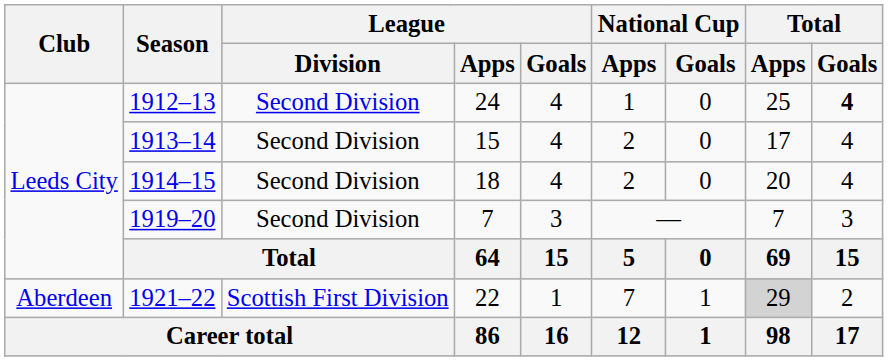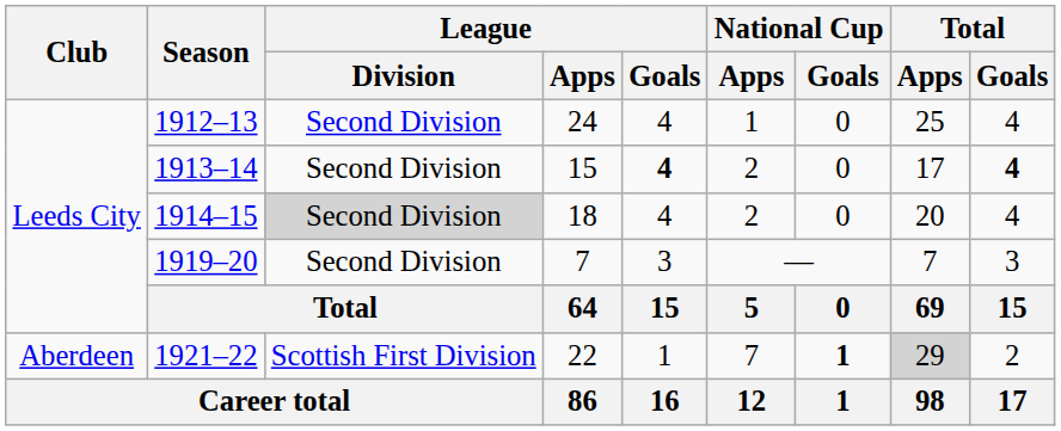 <table class="wikitable" style="text-align: center;">
 <tr>
 <th rowspan="2">Club</th>
 <th rowspan="2">Season</th>
 <th colspan="3">League</th>
 <th colspan="2">National Cup</th>
 <th colspan="2">Total</th>
 </tr>
 <tr>
 <th>Division</th>
 <th>Apps</th>
 <th>Goals</th>
 <th>Apps</th>
 <th>Goals</th>
 <th>Apps</th>
 <th>Goals</th>
 </tr>
 <tr>
 <td rowspan="5"><a href='#'>Leeds City</a></td>
 <td><a href='#'>1912–13</a></td>
 <td><a href='#'>Second Division</a></td>
 <td>24</td>
 <td>4</td>
 <td>1</td>
 <td>0</td>
 <td>25</td>
-<td><strong>4</strong></td>
+<td>4</td>
 </tr>
 <tr>
 <td><a href='#'>1913–14</a></td>
 <td>Second Division</td>
 <td>15</td>
-<td>4</td>
+<td><strong>4</strong></td>
 <td>2</td>
 <td>0</td>
 <td>17</td>
-<td>4</td>
+<td><strong>4</strong></td>
 </tr>
 <tr>
 <td><a href='#'>1914–15</a></td>
-<td>Second Division</td>
+<td style="background: lightgrey;">Second Division</td>
 <td>18</td>
 <td>4</td>
 <td>2</td>
 <td>0</td>
 <td>20</td>
 <td>4</td>
 </tr>
 <tr>
 <td><a href='#'>1919–20</a></td>
 <td>Second Division</td>
 <td>7</td>
 <td>3</td>
 <td colspan="2">—</td>
 <td>7</td>
 <td>3</td>
 </tr>
 <tr>
 <th colspan="2">Total</th>
 <th>64</th>
 <th>15</th>
 <th>5</th>
 <th>0</th>
 <th>69</th>
 <th>15</th>
 </tr>
 <tr>
 <td><a href='#'>Aberdeen</a></td>
 <td><a href='#'>1921–22</a></td>
 <td><a href='#'>Scottish First Division</a></td>
 <td>22</td>
 <td>1</td>
 <td>7</td>
-<td>1</td>
+<td><strong>1</strong></td>
 <td style="background: lightgrey;">29</td>
 <td>2</td>
 </tr>
 <tr>
 <th colspan="3">Career total</th>
 <th>86</th>
 <th>16</th>
 <th>12</th>
 <th>1</th>
 <th>98</th>
 <th>17</th>
 </tr>
 </table>
